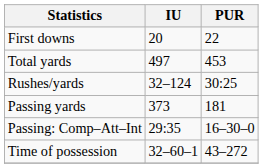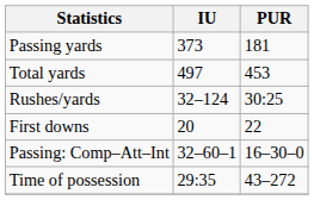 <table class="wikitable" style="float: left;">
 <tr>
 <th>Statistics</th>
 <th>IU</th>
 <th>PUR</th>
 </tr>
 <tr>
-<td>First downs</td>
-<td>20</td>
-<td>22</td>
+<td>Passing yards</td>
+<td>373</td>
+<td>181</td>
 </tr>
 <tr>
 <td>Total yards</td>
 <td>497</td>
 <td>453</td>
 </tr>
 <tr>
 <td>Rushes/yards</td>
 <td>32–124</td>
 <td>30:25</td>
 </tr>
 <tr>
-<td>Passing yards</td>
-<td>373</td>
-<td>181</td>
+<td>First downs</td>
+<td>20</td>
+<td>22</td>
 </tr>
 <tr>
 <td>Passing: Comp–Att–Int</td>
-<td>29:35</td>
+<td>32–60–1</td>
 <td>16–30–0</td>
 </tr>
 <tr>
 <td>Time of possession</td>
-<td>32–60–1</td>
+<td>29:35</td>
 <td>43–272</td>
 </tr>
 <tr>
 </tr>
 </table>
